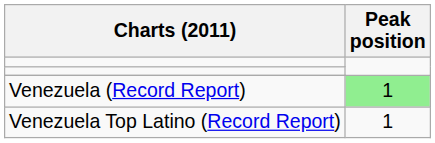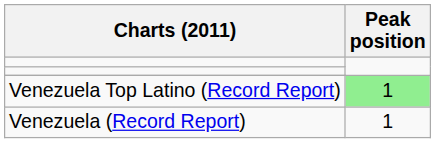 <table class="wikitable">
 <tr>
 <th>Charts (2011)</th>
 <th>Peak<br>position</th>
 </tr>
 <tr>
 <td></td>
 </tr>
 <tr>
 <td></td>
 </tr>
 <tr>
 </tr>
 <tr>
-<td>Venezuela (<a href='#'>Record Report</a>)</td>
+<td align="left">Venezuela Top Latino (<a href='#'>Record Report</a>)</td>
 <td style="background: lightgreen; text-align:center;">1</td>
 </tr>
 <tr>
-<td align="left">Venezuela Top Latino (<a href='#'>Record Report</a>)</td>
+<td>Venezuela (<a href='#'>Record Report</a>)</td>
 <td align="center">1</td>
 </tr>
 </table>
